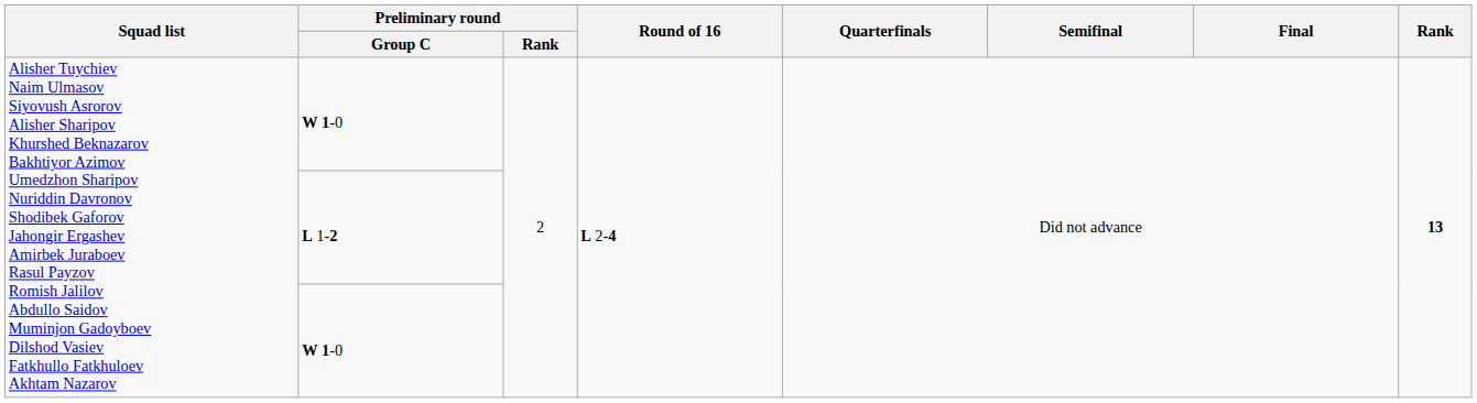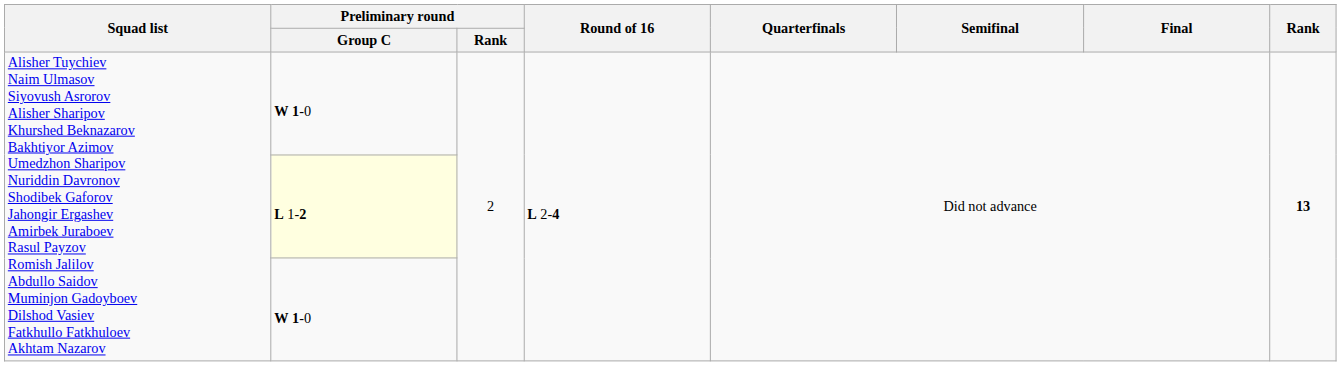 <table class="wikitable" width="85%" style="text-align:left; font-size:90%">
 <tr>
 <th rowspan="2" width="20%">Squad list</th>
 <th colspan="2">Preliminary round</th>
 <th rowspan="2" width="14%">Round of 16</th>
 <th rowspan="2" width="14%">Quarterfinals</th>
 <th rowspan="2" width="14%">Semifinal</th>
 <th rowspan="2" width="14%">Final</th>
 <th rowspan="2" width="5%">Rank</th>
 </tr>
 <tr>
 <th width="14%">Group C</th>
 <th width="5%">Rank</th>
 </tr>
 <tr>
 <td rowspan=3><a href='#'>Alisher Tuychiev</a><br><a href='#'>Naim Ulmasov</a><br><a href='#'>Siyovush Asrorov</a><br><a href='#'>Alisher Sharipov</a><br><a href='#'>Khurshed Beknazarov</a><br><a href='#'>Bakhtiyor Azimov</a><br><a href='#'>Umedzhon Sharipov</a><br><a href='#'>Nuriddin Davronov</a><br><a href='#'>Shodibek Gaforov</a><br><a href='#'>Jahongir Ergashev</a><br><a href='#'>Amirbek Juraboev</a><br><a href='#'>Rasul Payzov</a><br><a href='#'>Romish Jalilov</a><br><a href='#'>Abdullo Saidov</a><br><a href='#'>Muminjon Gadoyboev</a><br><a href='#'>Dilshod Vasiev</a><br><a href='#'>Fatkhullo Fatkhuloev</a><br><a href='#'>Akhtam Nazarov</a></td>
 <td><br><strong>W</strong> <strong>1</strong>-0</td>
 <td rowspan=3 align=center>2 <strong></strong></td>
 <td rowspan=3><br><strong>L</strong> 2-<strong>4</strong></td>
 <td rowspan=3 colspan=3 align=center>Did not advance</td>
 <td rowspan=3 align=center><strong>13</strong></td>
 </tr>
 <tr>
-<td><br><strong>L</strong>  1-<strong>2</strong></td>
+<td style="background: lightyellow;"><br><strong>L</strong>  1-<strong>2</strong></td>
 </tr>
 <tr>
 <td><br><strong>W</strong>  <strong>1</strong>-0</td>
 </tr>
 </table>
